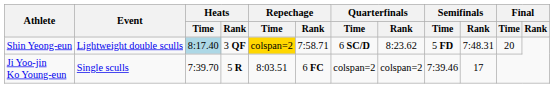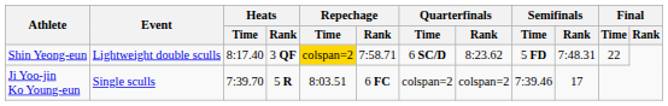 <table class="wikitable" style="font-size:90%">
 <tr>
 <th rowspan="2">Athlete</th>
 <th rowspan="2">Event</th>
 <th colspan="2">Heats</th>
 <th colspan="2">Repechage</th>
 <th colspan="2">Quarterfinals</th>
 <th colspan="2">Semifinals</th>
 <th colspan="2">Final</th>
 </tr>
 <tr style="font-size:95%">
 <th>Time</th>
 <th>Rank</th>
 <th>Time</th>
 <th>Rank</th>
 <th>Time</th>
 <th>Rank</th>
 <th>Time</th>
 <th>Rank</th>
 <th>Time</th>
 <th>Rank</th>
 </tr>
 <tr align=center>
 <td align=left><a href='#'>Shin Yeong-eun</a></td>
 <td align=left><a href='#'>Lightweight double sculls</a></td>
-<td style="background: lightblue;">8:17.40</td>
+<td>8:17.40</td>
 <td>3 <strong>QF</strong></td>
 <td style="background: gold;">colspan=2 </td>
 <td>7:58.71</td>
 <td>6 <strong>SC/D</strong></td>
 <td>8:23.62</td>
 <td>5 <strong>FD</strong></td>
 <td>7:48.31</td>
-<td>20</td>
+<td>22</td>
 </tr>
 <tr align=center>
 <td align=left><a href='#'>Ji Yoo-jin</a><br><a href='#'>Ko Young-eun</a></td>
 <td align=left><a href='#'>Single sculls</a></td>
 <td>7:39.70</td>
 <td>5 <strong>R</strong></td>
 <td>8:03.51</td>
 <td>6 <strong>FC</strong></td>
 <td>colspan=2 </td>
 <td>colspan=2 </td>
 <td>7:39.46</td>
 <td>17</td>
 </tr>
 </table>
